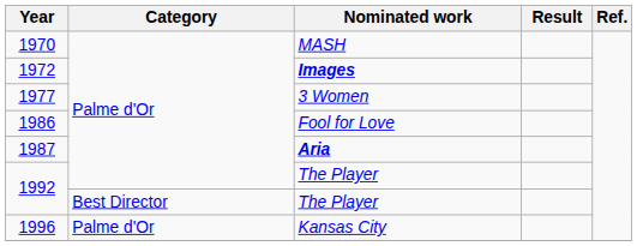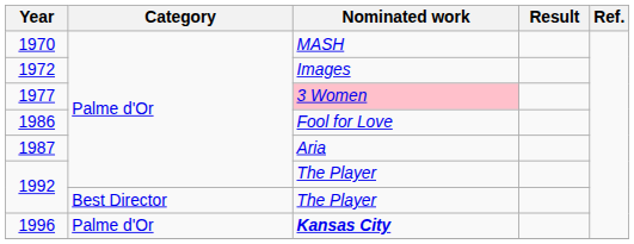 <table class=wikitable>
 <tr>
 <th scope="col" style="width:5em;">Year</th>
 <th scope="col" style="width:26em;">Category</th>
 <th scope="col" style="width:25em;">Nominated work</th>
 <th scope="col" style="width:5em;">Result</th>
 <th>Ref.</th>
 </tr>
 <tr>
 <td style="text-align:center;"><a href='#'>1970</a></td>
 <td rowspan=6><a href='#'>Palme d'Or</a></td>
 <td><em><a href='#'>MASH</a></em></td>
 <td></td>
 <td rowspan=8></td>
 </tr>
 <tr>
 <td style="text-align:center;"><a href='#'>1972</a></td>
-<td><strong><em><a href='#'>Images</a></em></strong></td>
+<td><em><a href='#'>Images</a></em></td>
 <td></td>
 </tr>
 <tr>
 <td style="text-align:center;"><a href='#'>1977</a></td>
-<td><em><a href='#'>3 Women</a></em></td>
+<td style="background: pink;"><em><a href='#'>3 Women</a></em></td>
 <td></td>
 </tr>
 <tr>
 <td style="text-align:center;"><a href='#'>1986</a></td>
 <td><em><a href='#'>Fool for Love</a></em></td>
 <td></td>
 </tr>
 <tr>
 <td style="text-align:center;"><a href='#'>1987</a></td>
-<td><strong><em><a href='#'>Aria</a> </em></strong></td>
+<td><em><a href='#'>Aria</a> </em></td>
 <td></td>
 </tr>
 <tr>
 <td style="text-align:center;", rowspan=2><a href='#'>1992</a></td>
 <td><em><a href='#'>The Player</a></em></td>
 <td></td>
 </tr>
 <tr>
 <td><a href='#'>Best Director</a></td>
 <td><em><a href='#'>The Player</a></em></td>
 <td></td>
 </tr>
 <tr>
 <td style="text-align:center;"><a href='#'>1996</a></td>
 <td><a href='#'>Palme d'Or</a></td>
-<td><em><a href='#'>Kansas City</a></em></td>
+<td><strong><em><a href='#'>Kansas City</a></em></strong></td>
 <td></td>
 </tr>
 <tr>
 </tr>
 </table>
